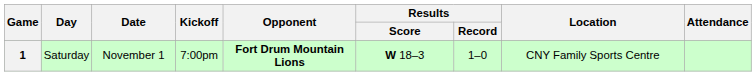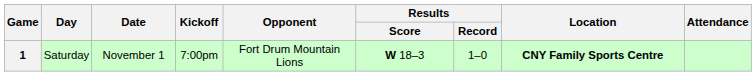 <table class="wikitable">
 <tr>
 <th rowspan="2" width="40">Game</th>
 <th rowspan="2" width="60">Day</th>
 <th rowspan="2" width="110">Date</th>
 <th rowspan="2" width="60">Kickoff</th>
 <th rowspan="2" width="180">Opponent</th>
 <th colspan="2" width="190">Results</th>
 <th rowspan="2" width="250">Location</th>
 <th rowspan="2" width="80">Attendance</th>
 </tr>
 <tr>
 <th width="130">Score</th>
 <th width="60">Record</th>
 </tr>
 <tr align="center" bgcolor="#CCFFCC">
 <th>1</th>
 <td>Saturday</td>
 <td>November 1</td>
 <td>7:00pm</td>
-<td><strong>Fort Drum Mountain Lions</strong></td>
+<td>Fort Drum Mountain Lions</td>
 <td><strong>W</strong> 18–3</td>
 <td>1–0</td>
-<td>CNY Family Sports Centre</td>
+<td><strong>CNY Family Sports Centre</strong></td>
 <td></td>
 </tr>
 </table>
